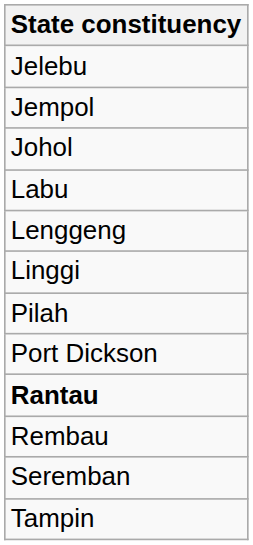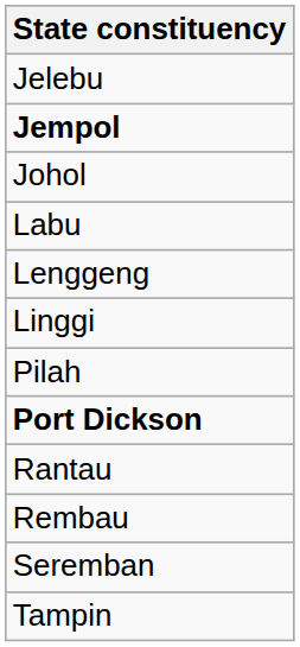 <table class=wikitable>
 <tr>
 <th>State constituency</th>
 </tr>
 <tr>
 <td>Jelebu</td>
 </tr>
 <tr>
-<td>Jempol</td>
+<td><strong>Jempol</strong></td>
 </tr>
 <tr>
 <td>Johol</td>
 </tr>
 <tr>
 <td>Labu</td>
 </tr>
 <tr>
 <td>Lenggeng</td>
 </tr>
 <tr>
 <td>Linggi</td>
 </tr>
 <tr>
 <td>Pilah</td>
 </tr>
 <tr>
-<td>Port Dickson</td>
+<td><strong>Port Dickson</strong></td>
 </tr>
 <tr>
-<td><strong>Rantau</strong></td>
+<td>Rantau</td>
 </tr>
 <tr>
 <td>Rembau</td>
 </tr>
 <tr>
 <td>Seremban</td>
 </tr>
 <tr>
 <td>Tampin</td>
 </tr>
 </table>
